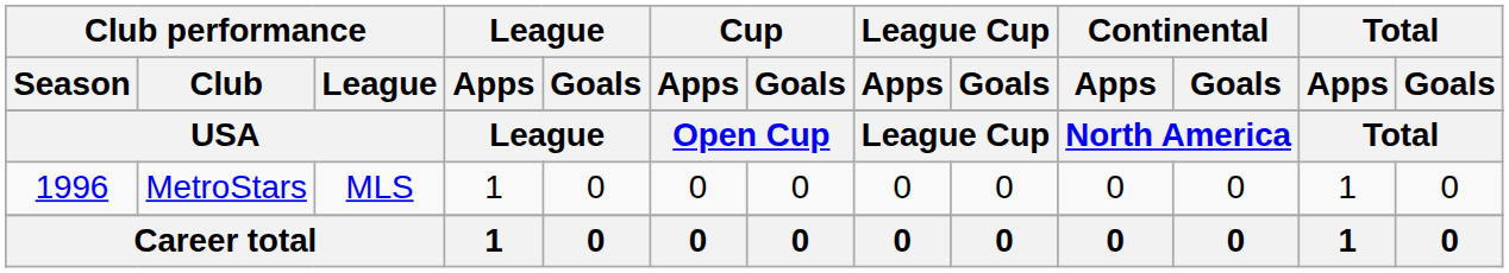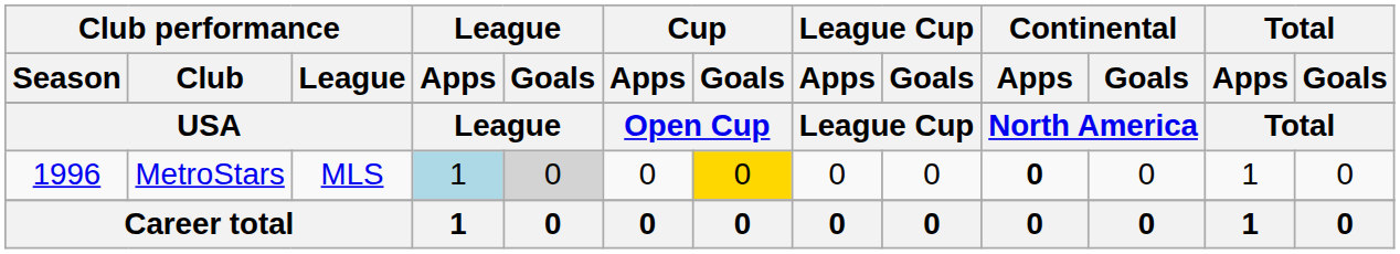 <table class="wikitable" style="text-align:center">
 <tr>
 <th colspan=3>Club performance</th>
 <th colspan=2>League</th>
 <th colspan=2>Cup</th>
 <th colspan=2>League Cup</th>
 <th colspan=2>Continental</th>
 <th colspan=2>Total</th>
 </tr>
 <tr>
 <th>Season</th>
 <th>Club</th>
 <th>League</th>
 <th>Apps</th>
 <th>Goals</th>
 <th>Apps</th>
 <th>Goals</th>
 <th>Apps</th>
 <th>Goals</th>
 <th>Apps</th>
 <th>Goals</th>
 <th>Apps</th>
 <th>Goals</th>
 </tr>
 <tr>
 </tr>
 <tr>
 <th colspan=3>USA</th>
 <th colspan=2>League</th>
 <th colspan=2><a href='#'>Open Cup</a></th>
 <th colspan=2>League Cup</th>
 <th colspan=2><a href='#'>North America</a></th>
 <th colspan=2>Total</th>
 </tr>
 <tr>
 <td><a href='#'>1996</a></td>
 <td><a href='#'>MetroStars</a></td>
 <td><a href='#'>MLS</a></td>
-<td>1</td>
+<td style="background: lightblue;">1</td>
+<td style="background: lightgrey;">0</td>
+<td>0</td>
+<td style="background: gold;">0</td>
 <td>0</td>
 <td>0</td>
-<td>0</td>
-<td>0</td>
-<td>0</td>
-<td>0</td>
+<td><strong>0</strong></td>
 <td>0</td>
 <td>1</td>
 <td>0</td>
 </tr>
 <tr>
 </tr>
 <tr>
 <th colspan=3>Career total</th>
 <th>1</th>
 <th>0</th>
 <th>0</th>
 <th>0</th>
 <th>0</th>
 <th>0</th>
 <th>0</th>
 <th>0</th>
 <th>1</th>
 <th>0</th>
 </tr>
 </table>
